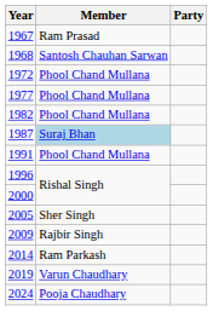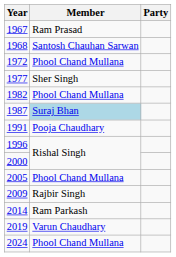 <table class="wikitable">
 <tr>
 <th>Year</th>
 <th>Member</th>
 <th colspan=2>Party</th>
 </tr>
 <tr>
 <td><a href='#'>1967</a></td>
 <td>Ram Prasad</td>
 <td></td>
 </tr>
 <tr>
 <td><a href='#'>1968</a></td>
 <td><a href='#'>Santosh Chauhan Sarwan</a></td>
 <td></td>
 </tr>
 <tr>
 <td><a href='#'>1972</a></td>
 <td><a href='#'>Phool Chand Mullana</a></td>
 </tr>
 <tr>
 <td><a href='#'>1977</a></td>
-<td><a href='#'>Phool Chand Mullana</a></td>
+<td>Sher Singh</td>
 <td></td>
 </tr>
 <tr>
 <td><a href='#'>1982</a></td>
 <td><a href='#'>Phool Chand Mullana</a></td>
 <td></td>
 </tr>
 <tr>
 <td><a href='#'>1987</a></td>
 <td style="background: lightblue;"><a href='#'>Suraj Bhan</a></td>
 <td></td>
 </tr>
 <tr>
 <td><a href='#'>1991</a></td>
-<td><a href='#'>Phool Chand Mullana</a></td>
+<td><a href='#'>Pooja Chaudhary</a></td>
 <td></td>
 </tr>
 <tr>
 <td><a href='#'>1996</a></td>
 <td rowspan=2>Rishal Singh</td>
 <td></td>
 </tr>
 <tr>
 <td><a href='#'>2000</a></td>
 <td></td>
 </tr>
 <tr>
 <td><a href='#'>2005</a></td>
-<td>Sher Singh</td>
+<td><a href='#'>Phool Chand Mullana</a></td>
 <td></td>
 </tr>
 <tr>
 <td><a href='#'>2009</a></td>
 <td>Rajbir Singh</td>
 <td></td>
 </tr>
 <tr>
 <td><a href='#'>2014</a></td>
 <td>Ram Parkash</td>
 <td></td>
 </tr>
 <tr>
 <td><a href='#'>2019</a></td>
 <td><a href='#'>Varun Chaudhary</a></td>
 <td></td>
 </tr>
 <tr>
 <td><a href='#'>2024</a></td>
-<td><a href='#'>Pooja Chaudhary</a></td>
+<td><a href='#'>Phool Chand Mullana</a></td>
 </tr>
 </table>
